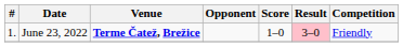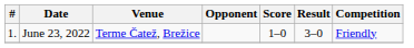 <table class="wikitable">
 <tr>
 <th>#</th>
 <th>Date</th>
 <th>Venue</th>
 <th>Opponent</th>
 <th>Score</th>
 <th>Result</th>
 <th>Competition</th>
 </tr>
 <tr>
 <td>1.</td>
 <td>June 23, 2022</td>
-<td><strong><a href='#'>Terme Čatež</a>, <a href='#'>Brežice</a></strong></td>
+<td><a href='#'>Terme Čatež</a>, <a href='#'>Brežice</a></td>
 <td></td>
 <td style="text-align:center;">1–0</td>
-<td style="background: pink; text-align:center;">3–0</td>
+<td style="text-align:center;">3–0</td>
 <td><a href='#'>Friendly</a></td>
 </tr>
 <tr>
 </tr>
 </table>
